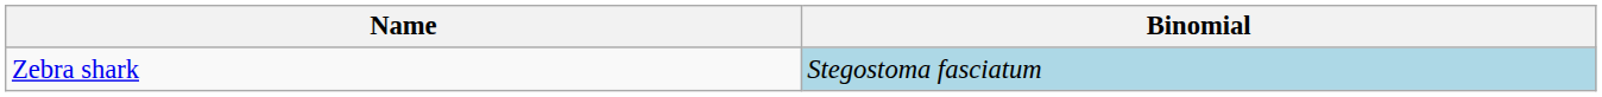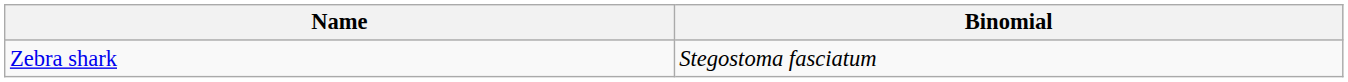 <table width=60% class="wikitable">
 <tr>
 <th width=20%>Name</th>
 <th width=20%>Binomial</th>
 </tr>
 <tr>
 <td><a href='#'>Zebra shark</a><br></td>
-<td style="background: lightblue;"><em>Stegostoma fasciatum</em></td>
+<td><em>Stegostoma fasciatum</em></td>
 </tr>
 </table>
